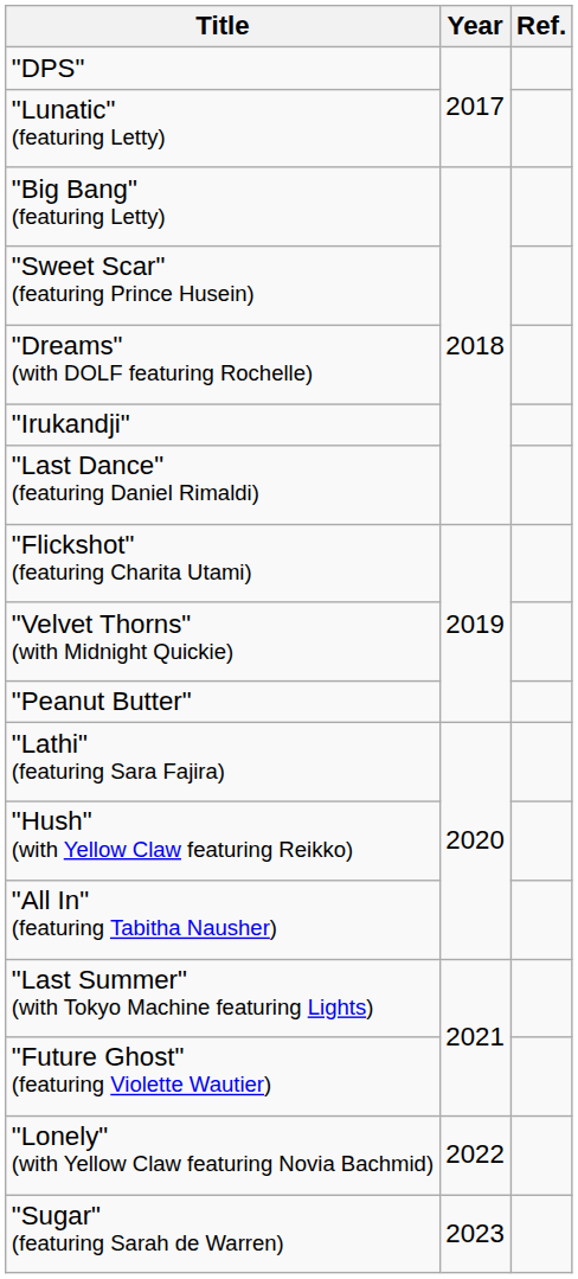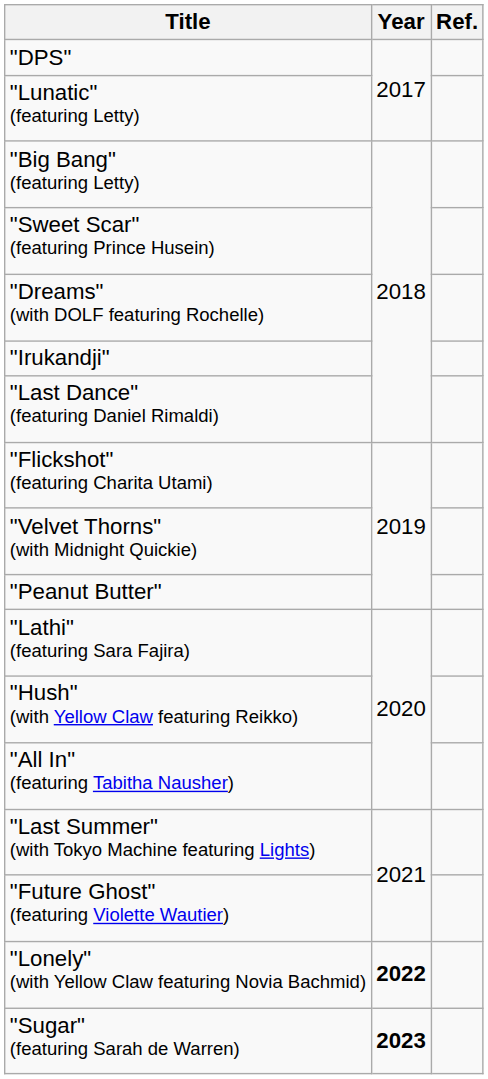 <table class="wikitable plainrowheaders">
 <tr>
 <th>Title</th>
 <th>Year</th>
 <th>Ref.</th>
 </tr>
 <tr>
 <td>"DPS"</td>
 <td rowspan="2" style="text-align: center;">2017</td>
 <td style="text-align: center;"></td>
 </tr>
 <tr>
 <td>"Lunatic"<br><sup>(featuring Letty)</sup></td>
 <td style="text-align: center;"></td>
 </tr>
 <tr>
 <td>"Big Bang"<br><sup>(featuring Letty)</sup></td>
 <td rowspan="5" style="text-align: center;">2018</td>
 <td style="text-align: center;"></td>
 </tr>
 <tr>
 <td>"Sweet Scar"<br><sup>(featuring Prince Husein)</sup></td>
 <td style="text-align: center;"></td>
 </tr>
 <tr>
 <td>"Dreams"<br><sup>(with DOLF featuring Rochelle)</sup></td>
 <td style="text-align: center;"></td>
 </tr>
 <tr>
 <td>"Irukandji"</td>
 <td style="text-align: center;"></td>
 </tr>
 <tr>
 <td>"Last Dance"<br><sup>(featuring Daniel Rimaldi)</sup></td>
 <td style="text-align: center;"></td>
 </tr>
 <tr>
 <td>"Flickshot"<br><sup>(featuring Charita Utami)</sup></td>
 <td rowspan="3" style="text-align: center;">2019</td>
 <td style="text-align: center;"></td>
 </tr>
 <tr>
 <td>"Velvet Thorns"<br><sup>(with Midnight Quickie)</sup></td>
 <td style="text-align: center;"></td>
 </tr>
 <tr>
 <td>"Peanut Butter"</td>
 <td style="text-align: center;"></td>
 </tr>
 <tr>
 <td>"Lathi"<br><sup>(featuring Sara Fajira)</sup></td>
 <td rowspan="3" style="text-align: center;">2020</td>
 <td style="text-align: center;"></td>
 </tr>
 <tr>
 <td>"Hush"<br><sup>(with <a href='#'>Yellow Claw</a> featuring Reikko)</sup></td>
 <td style="text-align: center;"></td>
 </tr>
 <tr>
 <td>"All In"<br><sup>(featuring <a href='#'>Tabitha Nausher</a>)</sup></td>
 <td style="text-align: center;"></td>
 </tr>
 <tr>
 <td>"Last Summer"<br><sup>(with Tokyo Machine featuring <a href='#'>Lights</a>)</sup></td>
 <td rowspan="2" style="text-align: center;">2021</td>
 <td style="text-align: center;"></td>
 </tr>
 <tr>
 <td>"Future Ghost"<br><sup>(featuring <a href='#'>Violette Wautier</a>)</sup></td>
 <td style="text-align: center;"></td>
 </tr>
 <tr>
 <td>"Lonely"<br><sup>(with Yellow Claw featuring Novia Bachmid)</sup></td>
-<td>2022</td>
+<td><strong>2022</strong></td>
 <td></td>
 </tr>
 <tr>
 <td>"Sugar"<br><sup>(featuring Sarah de Warren)</sup></td>
-<td>2023</td>
+<td><strong>2023</strong></td>
 <td></td>
 </tr>
 </table>
